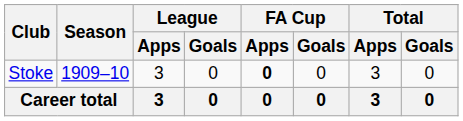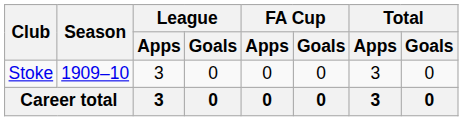 <table class="wikitable" style="text-align: center;">
 <tr>
 <th rowspan="2">Club</th>
 <th rowspan="2">Season</th>
 <th colspan="2">League</th>
 <th colspan="2">FA Cup</th>
 <th colspan="2">Total</th>
 </tr>
 <tr>
 <th>Apps</th>
 <th>Goals</th>
 <th>Apps</th>
 <th>Goals</th>
 <th>Apps</th>
 <th>Goals</th>
 </tr>
 <tr>
 <td><a href='#'>Stoke</a></td>
 <td><a href='#'>1909–10</a></td>
 <td>3</td>
 <td>0</td>
-<td><strong>0</strong></td>
+<td>0</td>
 <td>0</td>
 <td>3</td>
 <td>0</td>
 </tr>
 <tr>
 <th colspan="2">Career total</th>
 <th>3</th>
 <th>0</th>
 <th>0</th>
 <th>0</th>
 <th>3</th>
 <th>0</th>
 </tr>
 </table>
